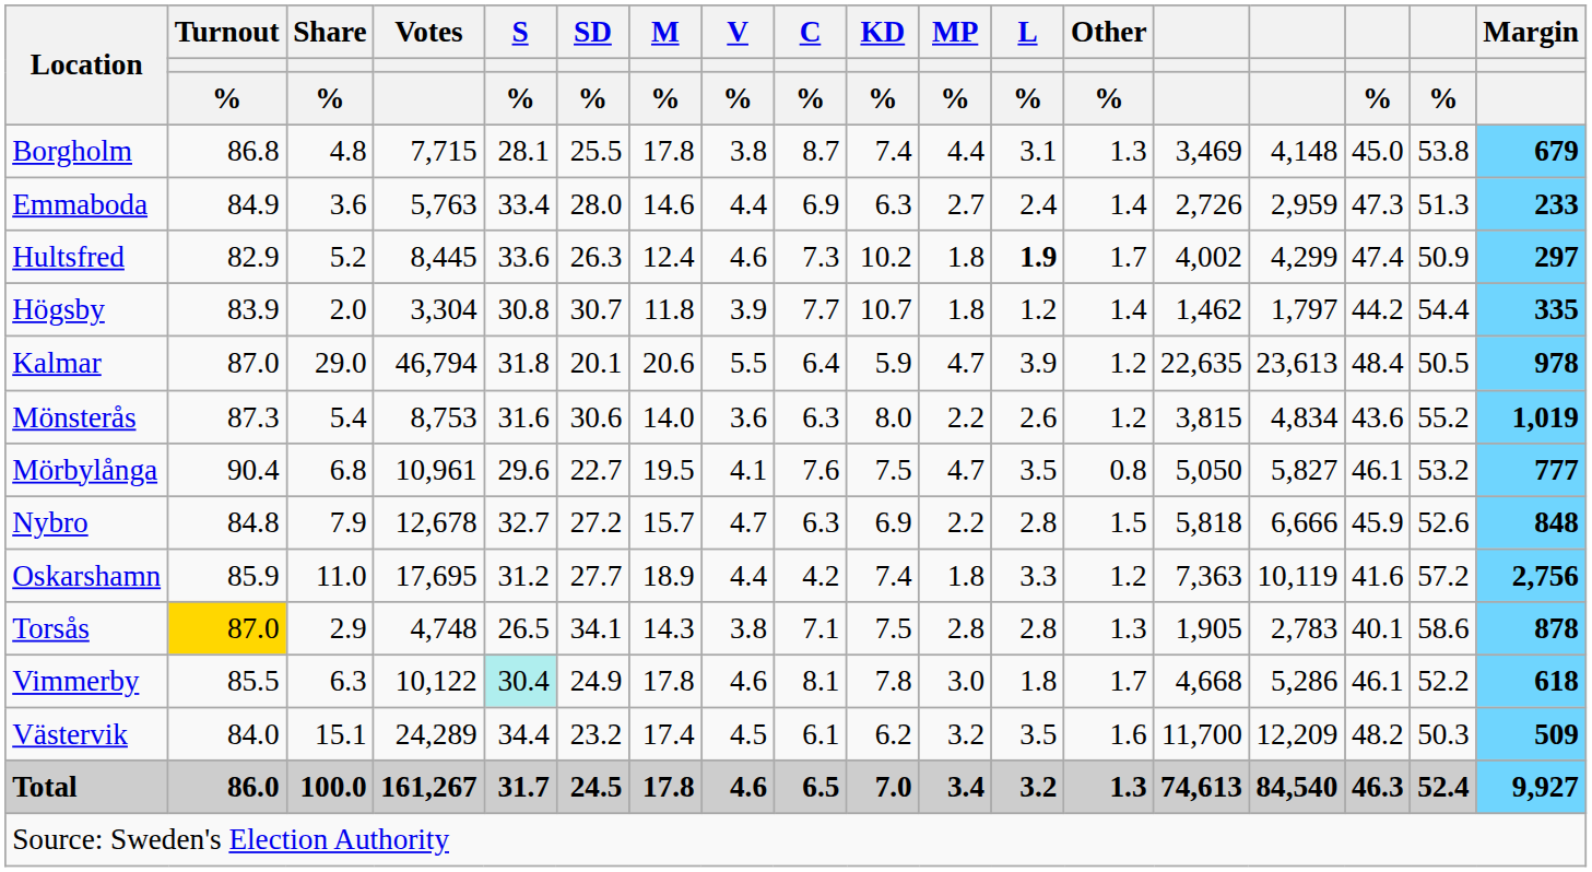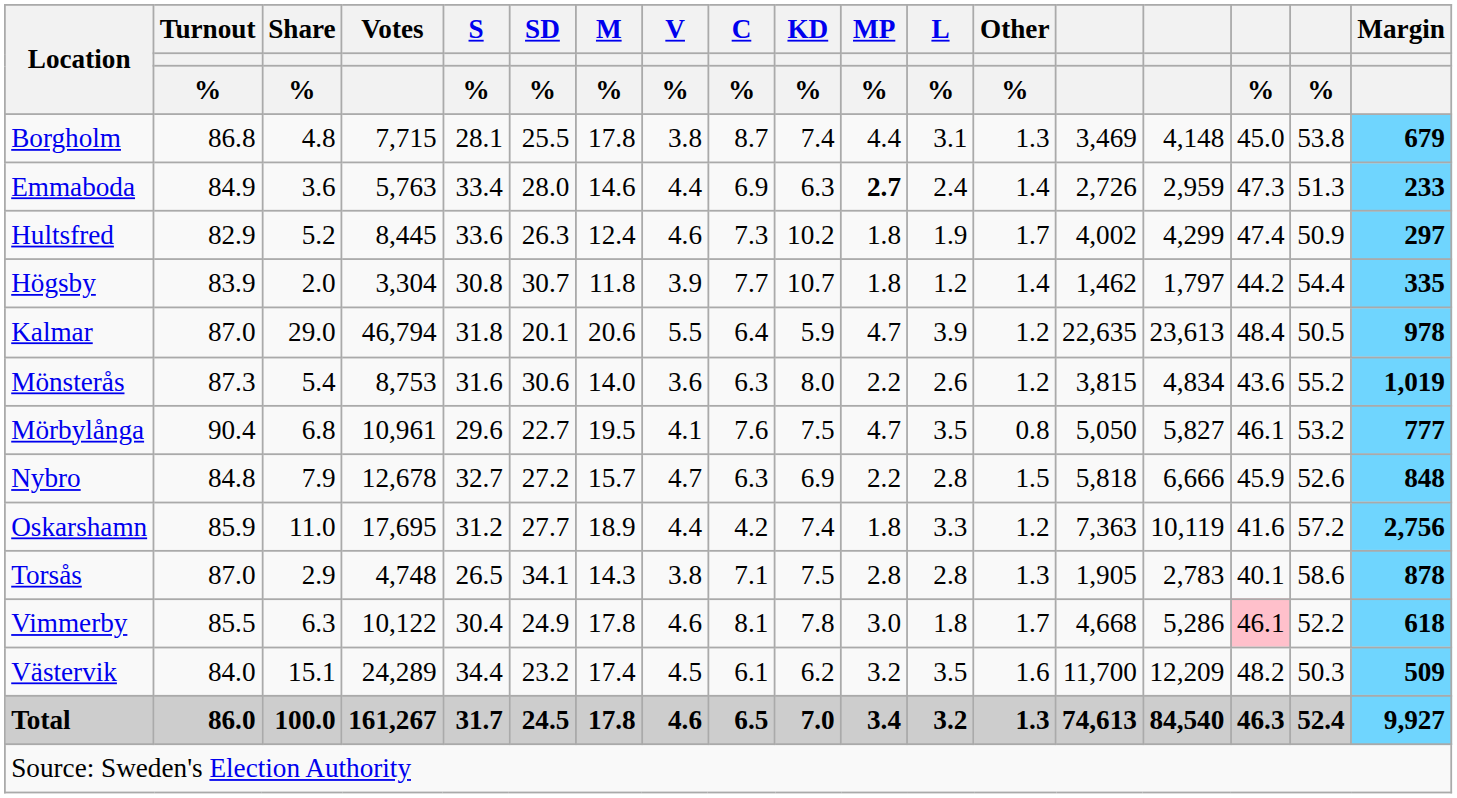 <table class="wikitable sortable" style="text-align:right; font-size:95%; line-height:20px;">
 <tr>
 <th rowspan="3">Location</th>
 <th>Turnout</th>
 <th>Share</th>
 <th>Votes</th>
 <th width="30px" class="unsortable"><a href='#'>S</a></th>
 <th width="30px" class="unsortable"><a href='#'>SD</a></th>
 <th width="30px" class="unsortable"><a href='#'>M</a></th>
 <th width="30px" class="unsortable"><a href='#'>V</a></th>
 <th width="30px" class="unsortable"><a href='#'>C</a></th>
 <th width="30px" class="unsortable"><a href='#'>KD</a></th>
 <th width="30px" class="unsortable"><a href='#'>MP</a></th>
 <th width="30px" class="unsortable"><a href='#'>L</a></th>
 <th width="30px" class="unsortable">Other</th>
 <th></th>
 <th></th>
 <th></th>
 <th></th>
 <th>Margin</th>
 </tr>
 <tr>
 <th></th>
 <th></th>
 <th></th>
 <th style="background:"></th>
 <th style="background:"></th>
 <th style="background:"></th>
 <th style="background:"></th>
 <th style="background:"></th>
 <th style="background:"></th>
 <th style="background:"></th>
 <th style="background:"></th>
 <th style="background:"></th>
 <th style="background:"></th>
 <th style="background:"></th>
 <th style="background:"></th>
 <th style="background:"></th>
 <th></th>
 </tr>
 <tr>
 <th data-sort-type="number">%</th>
 <th data-sort-type="number">%</th>
 <th></th>
 <th data-sort-type="number">%</th>
 <th data-sort-type="number">%</th>
 <th data-sort-type="number">%</th>
 <th data-sort-type="number">%</th>
 <th data-sort-type="number">%</th>
 <th data-sort-type="number">%</th>
 <th data-sort-type="number">%</th>
 <th data-sort-type="number">%</th>
 <th data-sort-type="number">%</th>
 <th data-sort-type="number"></th>
 <th data-sort-type="number"></th>
 <th data-sort-type="number">%</th>
 <th data-sort-type="number">%</th>
 <th data-sort-type="number"></th>
 </tr>
 <tr>
 <td align="left"><a href='#'>Borgholm</a></td>
 <td>86.8</td>
 <td>4.8</td>
 <td>7,715</td>
 <td>28.1</td>
 <td>25.5</td>
 <td>17.8</td>
 <td>3.8</td>
 <td>8.7</td>
 <td>7.4</td>
 <td>4.4</td>
 <td>3.1</td>
 <td>1.3</td>
 <td>3,469</td>
 <td>4,148</td>
 <td>45.0</td>
 <td>53.8</td>
 <td bgcolor=#6fd5fe><strong>679</strong></td>
 </tr>
 <tr>
 <td align="left"><a href='#'>Emmaboda</a></td>
 <td>84.9</td>
 <td>3.6</td>
 <td>5,763</td>
 <td>33.4</td>
 <td>28.0</td>
 <td>14.6</td>
 <td>4.4</td>
 <td>6.9</td>
 <td>6.3</td>
-<td>2.7</td>
+<td><strong>2.7</strong></td>
 <td>2.4</td>
 <td>1.4</td>
 <td>2,726</td>
 <td>2,959</td>
 <td>47.3</td>
 <td>51.3</td>
 <td bgcolor=#6fd5fe><strong>233</strong></td>
 </tr>
 <tr>
 <td align="left"><a href='#'>Hultsfred</a></td>
 <td>82.9</td>
 <td>5.2</td>
 <td>8,445</td>
 <td>33.6</td>
 <td>26.3</td>
 <td>12.4</td>
 <td>4.6</td>
 <td>7.3</td>
 <td>10.2</td>
 <td>1.8</td>
-<td><strong>1.9</strong></td>
+<td>1.9</td>
 <td>1.7</td>
 <td>4,002</td>
 <td>4,299</td>
 <td>47.4</td>
 <td>50.9</td>
 <td bgcolor=#6fd5fe><strong>297</strong></td>
 </tr>
 <tr>
 <td align="left"><a href='#'>Högsby</a></td>
 <td>83.9</td>
 <td>2.0</td>
 <td>3,304</td>
 <td>30.8</td>
 <td>30.7</td>
 <td>11.8</td>
 <td>3.9</td>
 <td>7.7</td>
 <td>10.7</td>
 <td>1.8</td>
 <td>1.2</td>
 <td>1.4</td>
 <td>1,462</td>
 <td>1,797</td>
 <td>44.2</td>
 <td>54.4</td>
 <td bgcolor=#6fd5fe><strong>335</strong></td>
 </tr>
 <tr>
 <td align="left"><a href='#'>Kalmar</a></td>
 <td>87.0</td>
 <td>29.0</td>
 <td>46,794</td>
 <td>31.8</td>
 <td>20.1</td>
 <td>20.6</td>
 <td>5.5</td>
 <td>6.4</td>
 <td>5.9</td>
 <td>4.7</td>
 <td>3.9</td>
 <td>1.2</td>
 <td>22,635</td>
 <td>23,613</td>
 <td>48.4</td>
 <td>50.5</td>
 <td bgcolor=#6fd5fe><strong>978</strong></td>
 </tr>
 <tr>
 <td align="left"><a href='#'>Mönsterås</a></td>
 <td>87.3</td>
 <td>5.4</td>
 <td>8,753</td>
 <td>31.6</td>
 <td>30.6</td>
 <td>14.0</td>
 <td>3.6</td>
 <td>6.3</td>
 <td>8.0</td>
 <td>2.2</td>
 <td>2.6</td>
 <td>1.2</td>
 <td>3,815</td>
 <td>4,834</td>
 <td>43.6</td>
 <td>55.2</td>
 <td bgcolor=#6fd5fe><strong>1,019</strong></td>
 </tr>
 <tr>
 <td align="left"><a href='#'>Mörbylånga</a></td>
 <td>90.4</td>
 <td>6.8</td>
 <td>10,961</td>
 <td>29.6</td>
 <td>22.7</td>
 <td>19.5</td>
 <td>4.1</td>
 <td>7.6</td>
 <td>7.5</td>
 <td>4.7</td>
 <td>3.5</td>
 <td>0.8</td>
 <td>5,050</td>
 <td>5,827</td>
 <td>46.1</td>
 <td>53.2</td>
 <td bgcolor=#6fd5fe><strong>777</strong></td>
 </tr>
 <tr>
 <td align="left"><a href='#'>Nybro</a></td>
 <td>84.8</td>
 <td>7.9</td>
 <td>12,678</td>
 <td>32.7</td>
 <td>27.2</td>
 <td>15.7</td>
 <td>4.7</td>
 <td>6.3</td>
 <td>6.9</td>
 <td>2.2</td>
 <td>2.8</td>
 <td>1.5</td>
 <td>5,818</td>
 <td>6,666</td>
 <td>45.9</td>
 <td>52.6</td>
 <td bgcolor=#6fd5fe><strong>848</strong></td>
 </tr>
 <tr>
 <td align="left"><a href='#'>Oskarshamn</a></td>
 <td>85.9</td>
 <td>11.0</td>
 <td>17,695</td>
 <td>31.2</td>
 <td>27.7</td>
 <td>18.9</td>
 <td>4.4</td>
 <td>4.2</td>
 <td>7.4</td>
 <td>1.8</td>
 <td>3.3</td>
 <td>1.2</td>
 <td>7,363</td>
 <td>10,119</td>
 <td>41.6</td>
 <td>57.2</td>
 <td bgcolor=#6fd5fe><strong>2,756</strong></td>
 </tr>
 <tr>
 <td align="left"><a href='#'>Torsås</a></td>
-<td style="background: gold;">87.0</td>
+<td>87.0</td>
 <td>2.9</td>
 <td>4,748</td>
 <td>26.5</td>
 <td>34.1</td>
 <td>14.3</td>
 <td>3.8</td>
 <td>7.1</td>
 <td>7.5</td>
 <td>2.8</td>
 <td>2.8</td>
 <td>1.3</td>
 <td>1,905</td>
 <td>2,783</td>
 <td>40.1</td>
 <td>58.6</td>
 <td bgcolor=#6fd5fe><strong>878</strong></td>
 </tr>
 <tr>
 <td align="left"><a href='#'>Vimmerby</a></td>
 <td>85.5</td>
 <td>6.3</td>
 <td>10,122</td>
-<td style="background: paleturquoise;">30.4</td>
+<td>30.4</td>
 <td>24.9</td>
 <td>17.8</td>
 <td>4.6</td>
 <td>8.1</td>
 <td>7.8</td>
 <td>3.0</td>
 <td>1.8</td>
 <td>1.7</td>
 <td>4,668</td>
 <td>5,286</td>
-<td>46.1</td>
+<td style="background: pink;">46.1</td>
 <td>52.2</td>
 <td bgcolor=#6fd5fe><strong>618</strong></td>
 </tr>
 <tr>
 <td align="left"><a href='#'>Västervik</a></td>
 <td>84.0</td>
 <td>15.1</td>
 <td>24,289</td>
 <td>34.4</td>
 <td>23.2</td>
 <td>17.4</td>
 <td>4.5</td>
 <td>6.1</td>
 <td>6.2</td>
 <td>3.2</td>
 <td>3.5</td>
 <td>1.6</td>
 <td>11,700</td>
 <td>12,209</td>
 <td>48.2</td>
 <td>50.3</td>
 <td bgcolor=#6fd5fe><strong>509</strong></td>
 </tr>
 <tr style="background:#CDCDCD;">
 <td align="left"><strong>Total</strong></td>
 <td><strong>86.0</strong></td>
 <td><strong>100.0</strong></td>
 <td><strong>161,267</strong></td>
 <td><strong>31.7</strong></td>
 <td><strong>24.5</strong></td>
 <td><strong>17.8</strong></td>
 <td><strong>4.6</strong></td>
 <td><strong>6.5</strong></td>
 <td><strong>7.0</strong></td>
 <td><strong>3.4</strong></td>
 <td><strong>3.2</strong></td>
 <td><strong>1.3</strong></td>
 <td><strong>74,613</strong></td>
 <td><strong>84,540</strong></td>
 <td><strong>46.3</strong></td>
 <td><strong>52.4</strong></td>
 <td bgcolor=#6fd5fe><strong>9,927</strong></td>
 </tr>
 <tr>
 <td colspan="18" align="left">Source: Sweden's <a href='#'>Election Authority</a></td>
 </tr>
 </table>
